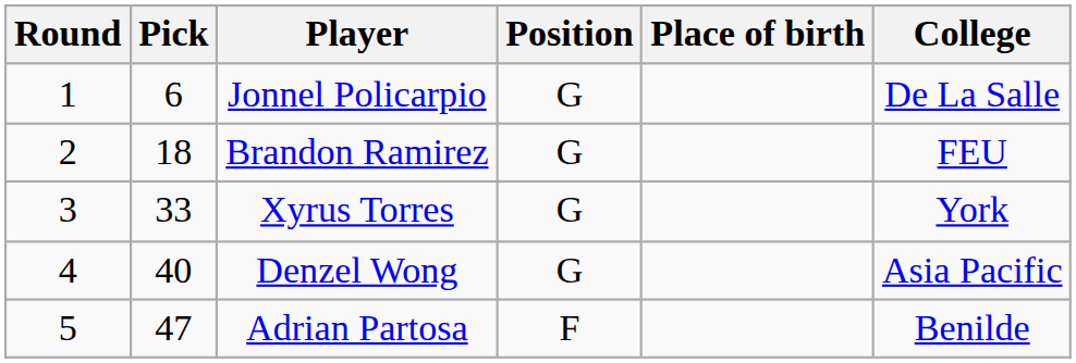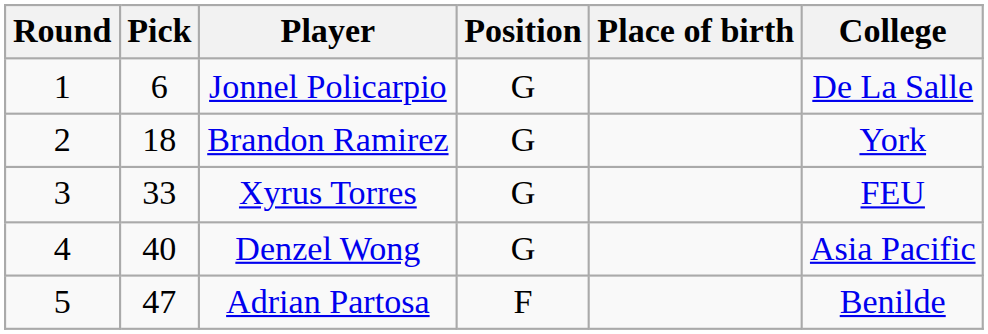 <table class="wikitable sortable sortable" style="text-align:center">
 <tr>
 <th>Round</th>
 <th>Pick</th>
 <th>Player</th>
 <th>Position</th>
 <th>Place of birth</th>
 <th>College</th>
 </tr>
 <tr>
 <td>1</td>
 <td>6</td>
 <td><a href='#'>Jonnel Policarpio</a></td>
 <td>G</td>
 <td></td>
 <td><a href='#'>De La Salle</a></td>
 </tr>
 <tr>
 <td>2</td>
 <td>18</td>
 <td><a href='#'>Brandon Ramirez</a></td>
 <td>G</td>
 <td></td>
-<td><a href='#'>FEU</a></td>
+<td><a href='#'>York</a></td>
 </tr>
 <tr>
 <td>3</td>
 <td>33</td>
 <td><a href='#'>Xyrus Torres</a></td>
 <td>G</td>
 <td></td>
-<td><a href='#'>York</a></td>
+<td><a href='#'>FEU</a></td>
 </tr>
 <tr>
 <td>4</td>
 <td>40</td>
 <td><a href='#'>Denzel Wong</a></td>
 <td>G</td>
 <td></td>
 <td><a href='#'>Asia Pacific</a></td>
 </tr>
 <tr>
 <td>5</td>
 <td>47</td>
 <td><a href='#'>Adrian Partosa</a></td>
 <td>F</td>
 <td></td>
 <td><a href='#'>Benilde</a></td>
 </tr>
 </table>
